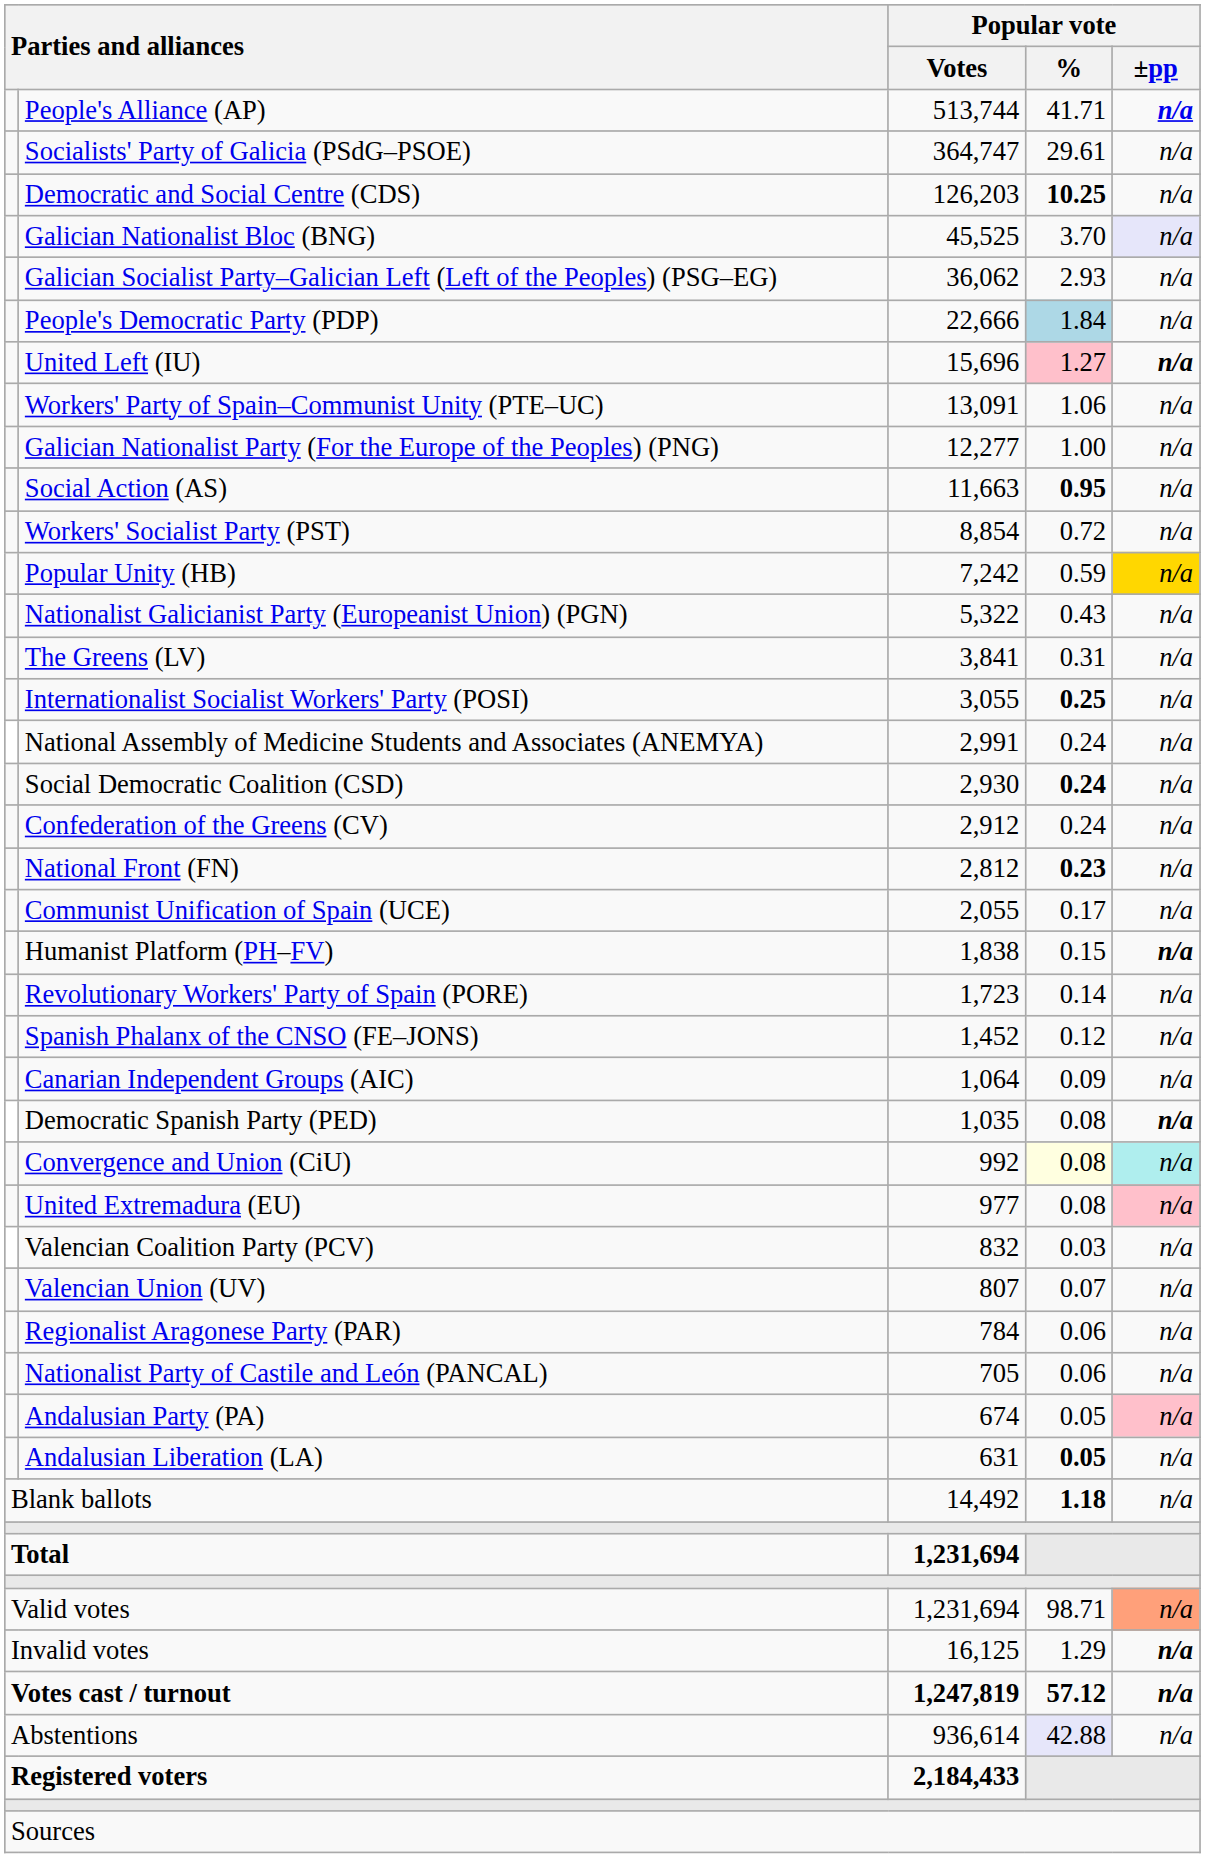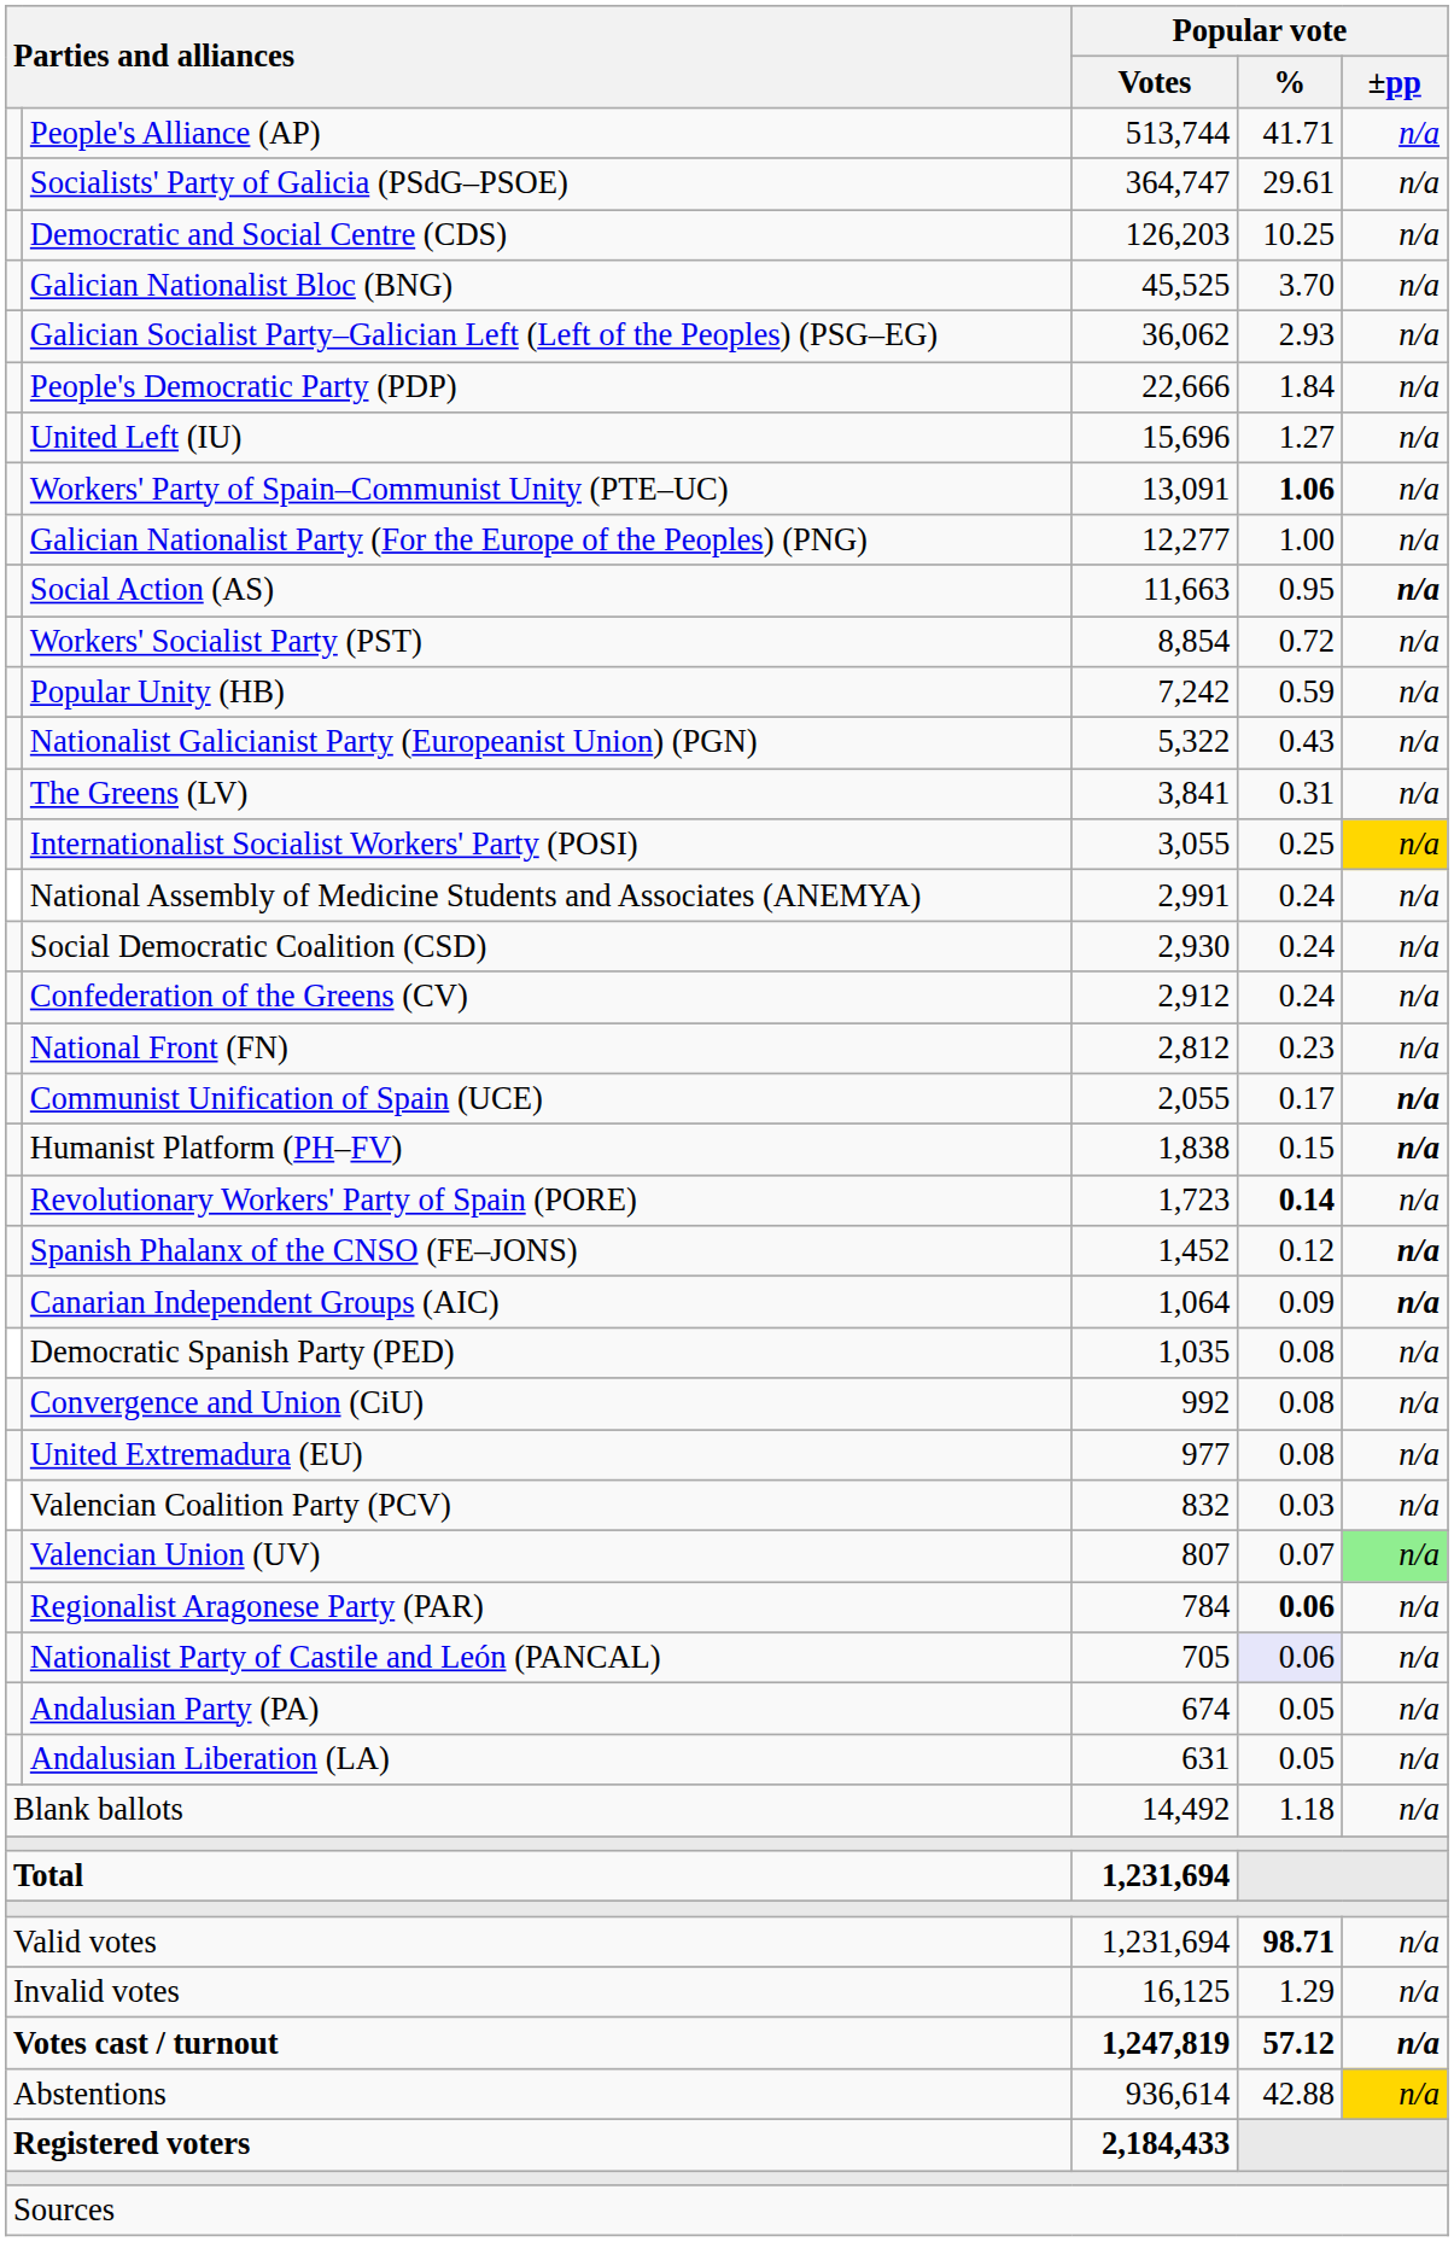 <table class="wikitable" style="text-align:right">
 <tr>
 <th style="text-align:left;" rowspan="2" colspan="2" width="525">Parties and alliances</th>
 <th colspan="3">Popular vote</th>
 </tr>
 <tr>
 <th width="75">Votes</th>
 <th width="45">%</th>
 <th width="45">±<a href='#'>pp</a></th>
 </tr>
 <tr>
 <td width="1" style="color:inherit;background:"></td>
 <td align="left"><a href='#'>People's Alliance</a> (AP)</td>
 <td>513,744</td>
 <td>41.71</td>
-<td><strong><em><a href='#'>n/a</a></em></strong></td>
+<td><em><a href='#'>n/a</a></em></td>
 </tr>
 <tr>
 <td style="color:inherit;background:"></td>
 <td align="left"><a href='#'>Socialists' Party of Galicia</a> (PSdG–PSOE)</td>
 <td>364,747</td>
 <td>29.61</td>
 <td><em>n/a</em></td>
 </tr>
 <tr>
 <td style="color:inherit;background:"></td>
 <td align="left"><a href='#'>Democratic and Social Centre</a> (CDS)</td>
 <td>126,203</td>
-<td><strong>10.25</strong></td>
+<td>10.25</td>
 <td><em>n/a</em></td>
 </tr>
 <tr>
 <td style="color:inherit;background:"></td>
 <td align="left"><a href='#'>Galician Nationalist Bloc</a> (BNG)</td>
 <td>45,525</td>
 <td>3.70</td>
-<td style="background: lavender;"><em>n/a</em></td>
+<td><em>n/a</em></td>
 </tr>
 <tr>
 <td style="color:inherit;background:"></td>
 <td align="left"><a href='#'>Galician Socialist Party–Galician Left</a> (<a href='#'>Left of the Peoples</a>) (PSG–EG)</td>
 <td>36,062</td>
 <td>2.93</td>
 <td><em>n/a</em></td>
 </tr>
 <tr>
 <td style="color:inherit;background:"></td>
 <td align="left"><a href='#'>People's Democratic Party</a> (PDP)</td>
 <td>22,666</td>
-<td style="background: lightblue;">1.84</td>
+<td>1.84</td>
 <td><em>n/a</em></td>
 </tr>
 <tr>
 <td style="color:inherit;background:"></td>
 <td align="left"><a href='#'>United Left</a> (IU)</td>
 <td>15,696</td>
-<td style="background: pink;">1.27</td>
-<td><strong><em>n/a</em></strong></td>
+<td>1.27</td>
+<td><em>n/a</em></td>
 </tr>
 <tr>
 <td style="color:inherit;background:"></td>
 <td align="left"><a href='#'>Workers' Party of Spain–Communist Unity</a> (PTE–UC)</td>
 <td>13,091</td>
-<td>1.06</td>
+<td><strong>1.06</strong></td>
 <td><em>n/a</em></td>
 </tr>
 <tr>
 <td style="color:inherit;background:"></td>
 <td align="left"><a href='#'>Galician Nationalist Party</a> (<a href='#'>For the Europe of the Peoples</a>) (PNG)</td>
 <td>12,277</td>
 <td>1.00</td>
 <td><em>n/a</em></td>
 </tr>
 <tr>
 <td style="color:inherit;background:"></td>
 <td align="left"><a href='#'>Social Action</a> (AS)</td>
 <td>11,663</td>
-<td><strong>0.95</strong></td>
-<td><em>n/a</em></td>
+<td>0.95</td>
+<td><strong><em>n/a</em></strong></td>
 </tr>
 <tr>
 <td style="color:inherit;background:"></td>
 <td align="left"><a href='#'>Workers' Socialist Party</a> (PST)</td>
 <td>8,854</td>
 <td>0.72</td>
 <td><em>n/a</em></td>
 </tr>
 <tr>
 <td style="color:inherit;background:"></td>
 <td align="left"><a href='#'>Popular Unity</a> (HB)</td>
 <td>7,242</td>
 <td>0.59</td>
-<td style="background: gold;"><em>n/a</em></td>
+<td><em>n/a</em></td>
 </tr>
 <tr>
 <td style="color:inherit;background:"></td>
 <td align="left"><a href='#'>Nationalist Galicianist Party</a> (<a href='#'>Europeanist Union</a>) (PGN)</td>
 <td>5,322</td>
 <td>0.43</td>
 <td><em>n/a</em></td>
 </tr>
 <tr>
 <td style="color:inherit;background:"></td>
 <td align="left"><a href='#'>The Greens</a> (LV)</td>
 <td>3,841</td>
 <td>0.31</td>
 <td><em>n/a</em></td>
 </tr>
 <tr>
 <td style="color:inherit;background:"></td>
 <td align="left"><a href='#'>Internationalist Socialist Workers' Party</a> (POSI)</td>
 <td>3,055</td>
-<td><strong>0.25</strong></td>
-<td><em>n/a</em></td>
+<td>0.25</td>
+<td style="background: gold;"><em>n/a</em></td>
 </tr>
 <tr>
 <td bgcolor="white"></td>
 <td align="left">National Assembly of Medicine Students and Associates (ANEMYA)</td>
 <td>2,991</td>
 <td>0.24</td>
 <td><em>n/a</em></td>
 </tr>
 <tr>
 <td style="color:inherit;background:"></td>
 <td align="left">Social Democratic Coalition (CSD)</td>
 <td>2,930</td>
-<td><strong>0.24</strong></td>
+<td>0.24</td>
 <td><em>n/a</em></td>
 </tr>
 <tr>
 <td style="color:inherit;background:"></td>
 <td align="left"><a href='#'>Confederation of the Greens</a> (CV)</td>
 <td>2,912</td>
 <td>0.24</td>
 <td><em>n/a</em></td>
 </tr>
 <tr>
 <td style="color:inherit;background:"></td>
 <td align="left"><a href='#'>National Front</a> (FN)</td>
 <td>2,812</td>
-<td><strong>0.23</strong></td>
+<td>0.23</td>
 <td><em>n/a</em></td>
 </tr>
 <tr>
 <td style="color:inherit;background:"></td>
 <td align="left"><a href='#'>Communist Unification of Spain</a> (UCE)</td>
 <td>2,055</td>
 <td>0.17</td>
-<td><em>n/a</em></td>
+<td><strong><em>n/a</em></strong></td>
 </tr>
 <tr>
 <td style="color:inherit;background:"></td>
 <td align="left">Humanist Platform (<a href='#'>PH</a>–<a href='#'>FV</a>)</td>
 <td>1,838</td>
 <td>0.15</td>
 <td><strong><em>n/a</em></strong></td>
 </tr>
 <tr>
 <td style="color:inherit;background:"></td>
 <td align="left"><a href='#'>Revolutionary Workers' Party of Spain</a> (PORE)</td>
 <td>1,723</td>
-<td>0.14</td>
+<td><strong>0.14</strong></td>
 <td><em>n/a</em></td>
 </tr>
 <tr>
 <td style="color:inherit;background:"></td>
 <td align="left"><a href='#'>Spanish Phalanx of the CNSO</a> (FE–JONS)</td>
 <td>1,452</td>
 <td>0.12</td>
-<td><em>n/a</em></td>
+<td><strong><em>n/a</em></strong></td>
 </tr>
 <tr>
 <td style="color:inherit;background:"></td>
 <td align="left"><a href='#'>Canarian Independent Groups</a> (AIC)</td>
 <td>1,064</td>
 <td>0.09</td>
-<td><em>n/a</em></td>
+<td><strong><em>n/a</em></strong></td>
 </tr>
 <tr>
 <td bgcolor="white"></td>
 <td align="left">Democratic Spanish Party (PED)</td>
 <td>1,035</td>
 <td>0.08</td>
-<td><strong><em>n/a</em></strong></td>
+<td><em>n/a</em></td>
 </tr>
 <tr>
 <td style="color:inherit;background:"></td>
 <td align="left"><a href='#'>Convergence and Union</a> (CiU)</td>
 <td>992</td>
-<td style="background: lightyellow;">0.08</td>
-<td style="background: paleturquoise;"><em>n/a</em></td>
+<td>0.08</td>
+<td><em>n/a</em></td>
 </tr>
 <tr>
 <td style="color:inherit;background:"></td>
 <td align="left"><a href='#'>United Extremadura</a> (EU)</td>
 <td>977</td>
 <td>0.08</td>
-<td style="background: pink;"><em>n/a</em></td>
+<td><em>n/a</em></td>
 </tr>
 <tr>
 <td bgcolor="white"></td>
 <td align="left">Valencian Coalition Party (PCV)</td>
 <td>832</td>
 <td>0.03</td>
 <td><em>n/a</em></td>
 </tr>
 <tr>
 <td style="color:inherit;background:"></td>
 <td align="left"><a href='#'>Valencian Union</a> (UV)</td>
 <td>807</td>
 <td>0.07</td>
-<td><em>n/a</em></td>
+<td style="background: lightgreen;"><em>n/a</em></td>
 </tr>
 <tr>
 <td style="color:inherit;background:"></td>
 <td align="left"><a href='#'>Regionalist Aragonese Party</a> (PAR)</td>
 <td>784</td>
-<td>0.06</td>
+<td><strong>0.06</strong></td>
 <td><em>n/a</em></td>
 </tr>
 <tr>
 <td style="color:inherit;background:"></td>
 <td align="left"><a href='#'>Nationalist Party of Castile and León</a> (PANCAL)</td>
 <td>705</td>
-<td>0.06</td>
+<td style="background: lavender;">0.06</td>
 <td><em>n/a</em></td>
 </tr>
 <tr>
 <td style="color:inherit;background:"></td>
 <td align="left"><a href='#'>Andalusian Party</a> (PA)</td>
 <td>674</td>
 <td>0.05</td>
-<td style="background: pink;"><em>n/a</em></td>
+<td><em>n/a</em></td>
 </tr>
 <tr>
 <td style="color:inherit;background:"></td>
 <td align="left"><a href='#'>Andalusian Liberation</a> (LA)</td>
 <td>631</td>
-<td><strong>0.05</strong></td>
+<td>0.05</td>
 <td><em>n/a</em></td>
 </tr>
 <tr>
 <td align="left" colspan="2">Blank ballots</td>
 <td>14,492</td>
-<td><strong>1.18</strong></td>
+<td>1.18</td>
 <td><em>n/a</em></td>
 </tr>
 <tr>
 <td colspan="5" bgcolor="#E9E9E9"></td>
 </tr>
 <tr style="font-weight:bold;">
 <td align="left" colspan="2">Total</td>
 <td>1,231,694</td>
 <td bgcolor="#E9E9E9" colspan="2"></td>
 </tr>
 <tr>
 <td colspan="5" bgcolor="#E9E9E9"></td>
 </tr>
 <tr>
 <td align="left" colspan="2">Valid votes</td>
 <td>1,231,694</td>
-<td>98.71</td>
-<td style="background: lightsalmon;"><em>n/a</em></td>
+<td><strong>98.71</strong></td>
+<td><em>n/a</em></td>
 </tr>
 <tr>
 <td align="left" colspan="2">Invalid votes</td>
 <td>16,125</td>
 <td>1.29</td>
-<td><strong><em>n/a</em></strong></td>
+<td><em>n/a</em></td>
 </tr>
 <tr style="font-weight:bold;">
 <td align="left" colspan="2">Votes cast / turnout</td>
 <td>1,247,819</td>
 <td>57.12</td>
 <td><em>n/a</em></td>
 </tr>
 <tr>
 <td align="left" colspan="2">Abstentions</td>
 <td>936,614</td>
-<td style="background: lavender;">42.88</td>
-<td><em>n/a</em></td>
+<td>42.88</td>
+<td style="background: gold;"><em>n/a</em></td>
 </tr>
 <tr style="font-weight:bold;">
 <td align="left" colspan="2">Registered voters</td>
 <td>2,184,433</td>
 <td bgcolor="#E9E9E9" colspan="2"></td>
 </tr>
 <tr>
 <td colspan="5" bgcolor="#E9E9E9"></td>
 </tr>
 <tr>
 <td align="left" colspan="5">Sources</td>
 </tr>
 </table>
